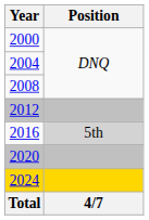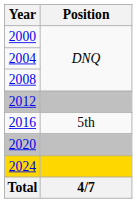 <table class="wikitable" style="text-align: center;">
 <tr>
 <th>Year</th>
 <th width="100">Position</th>
 </tr>
 <tr>
 <td> <a href='#'>2000</a></td>
 <td rowspan=3 colspan=2><em>DNQ</em></td>
 </tr>
 <tr>
 <td> <a href='#'>2004</a></td>
 </tr>
 <tr>
 <td> <a href='#'>2008</a></td>
 </tr>
 <tr bgcolor=silver>
 <td> <a href='#'>2012</a></td>
 <td></td>
 </tr>
 <tr>
 <td> <a href='#'>2016</a></td>
-<td style="background: lightgrey;">5th</td>
+<td>5th</td>
 </tr>
 <tr bgcolor=silver>
 <td> <a href='#'>2020</a></td>
 <td></td>
 </tr>
 <tr bgcolor=gold>
 <td> <a href='#'>2024</a></td>
 <td></td>
 </tr>
 <tr>
 <th>Total</th>
 <th>4/7</th>
 </tr>
 </table>
